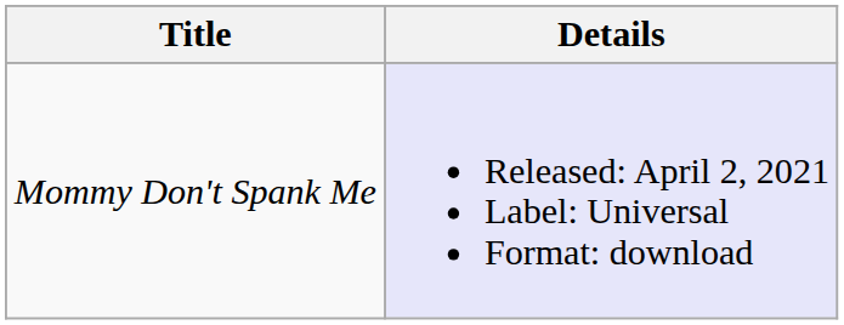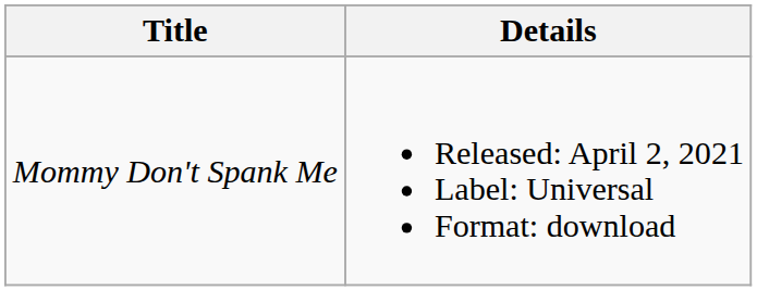 <table class="wikitable plainrowheaders">
 <tr>
 <th>Title</th>
 <th>Details</th>
 </tr>
 <tr>
 <td><em>Mommy Don't Spank Me</em></td>
-<td style="background: lavender;"><br><ul><li>Released: April 2, 2021</li><li>Label: Universal</li><li>Format: download</li></ul></td>
+<td><br><ul><li>Released: April 2, 2021</li><li>Label: Universal</li><li>Format: download</li></ul></td>
 </tr>
 </table>
